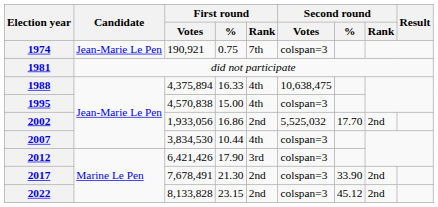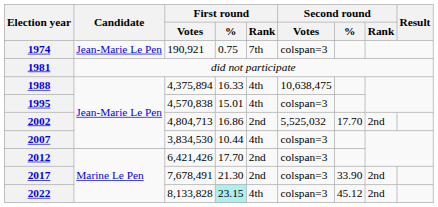 <table class="wikitable">
 <tr>
 <th rowspan="2">Election year</th>
 <th rowspan="2">Candidate</th>
 <th colspan="3">First round</th>
 <th colspan="3">Second round</th>
 <th rowspan="2">Result</th>
 </tr>
 <tr>
 <th>Votes</th>
 <th>%</th>
 <th>Rank</th>
 <th>Votes</th>
 <th>%</th>
 <th>Rank</th>
 </tr>
 <tr>
 <th><a href='#'>1974</a></th>
 <td><a href='#'>Jean-Marie Le Pen</a></td>
 <td>190,921</td>
 <td>0.75</td>
 <td> 7th</td>
 <td>colspan=3 </td>
 <td></td>
 </tr>
 <tr>
 <th><a href='#'>1981</a></th>
 <td colspan=8 align=center><em>did not participate</em></td>
 </tr>
 <tr>
 <th><a href='#'>1988</a></th>
 <td rowspan=4><a href='#'>Jean-Marie Le Pen</a></td>
 <td>4,375,894</td>
 <td>16.33</td>
 <td> 4th</td>
 <td>10,638,475</td>
 <td></td>
 </tr>
 <tr>
 <th><a href='#'>1995</a></th>
 <td>4,570,838</td>
-<td>15.00</td>
+<td>15.01</td>
 <td> 4th</td>
 <td>colspan=3 </td>
 <td></td>
 </tr>
 <tr>
 <th><a href='#'>2002</a></th>
-<td>1,933,056</td>
+<td>4,804,713</td>
 <td>16.86</td>
 <td> 2nd</td>
 <td>5,525,032</td>
 <td>17.70</td>
 <td> 2nd</td>
 <td></td>
 </tr>
 <tr>
 <th><a href='#'>2007</a></th>
 <td>3,834,530</td>
 <td>10.44</td>
 <td> 4th</td>
 <td>colspan=3 </td>
 <td></td>
 </tr>
 <tr>
 <th><a href='#'>2012</a></th>
 <td rowspan=3><a href='#'>Marine Le Pen</a></td>
 <td>6,421,426</td>
-<td>17.90</td>
-<td> 3rd</td>
+<td>17.70</td>
+<td> 2nd</td>
 <td>colspan=3 </td>
 <td></td>
 </tr>
 <tr>
 <th><a href='#'>2017</a></th>
 <td>7,678,491</td>
 <td>21.30</td>
 <td> 2nd</td>
 <td>colspan=3 </td>
 <td>33.90</td>
 <td> 2nd</td>
 <td></td>
 </tr>
 <tr>
 <th><a href='#'>2022</a></th>
 <td>8,133,828</td>
-<td>23.15</td>
-<td> 2nd</td>
+<td style="background: paleturquoise;">23.15</td>
+<td> 4th</td>
 <td>colspan=3 </td>
 <td>45.12</td>
 <td> 2nd</td>
 <td></td>
 </tr>
 </table>
